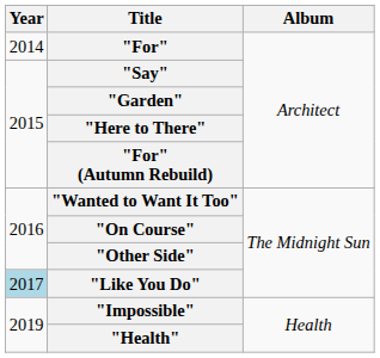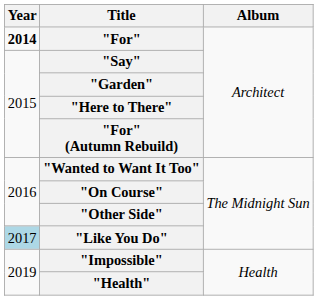 <table class="wikitable plainrowheaders" style="text-align:center;">
 <tr>
 <th scope="col">Year</th>
 <th scope="col">Title</th>
 <th scope="col">Album</th>
 </tr>
 <tr>
-<td>2014</td>
+<td><strong>2014</strong></td>
 <th scope="row">"For"</th>
 <td rowspan="5"><em>Architect</em></td>
 </tr>
 <tr>
 <td rowspan="4">2015</td>
 <th scope="row">"Say"</th>
 </tr>
 <tr>
 <th scope="row">"Garden"</th>
 </tr>
 <tr>
 <th scope="row">"Here to There"</th>
 </tr>
 <tr>
 <th scope="row">"For"<br><span>(Autumn Rebuild)</span></th>
 </tr>
 <tr>
 <td rowspan="3">2016</td>
 <th scope="row">"Wanted to Want It Too"</th>
 <td rowspan="4"><em>The Midnight Sun</em></td>
 </tr>
 <tr>
 <th scope="row">"On Course"</th>
 </tr>
 <tr>
 <th scope="row">"Other Side"</th>
 </tr>
 <tr>
 <td rowspan="1" style="background: lightblue;">2017</td>
 <th scope="row">"Like You Do"</th>
 </tr>
 <tr>
 <td rowspan="2">2019</td>
 <th scope="row">"Impossible"</th>
 <td rowspan="2"><em>Health</em></td>
 </tr>
 <tr>
 <th scope="row">"Health"</th>
 </tr>
 </table>
